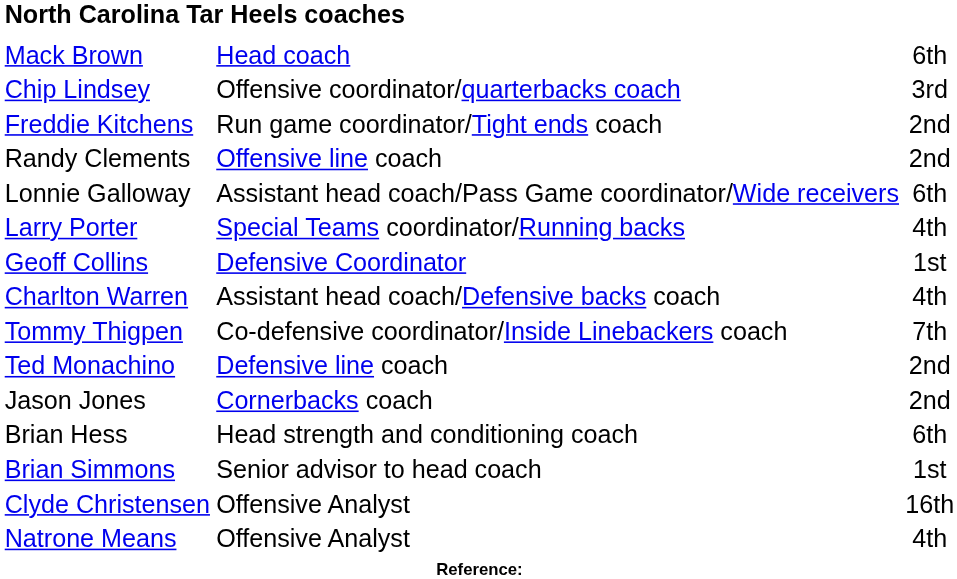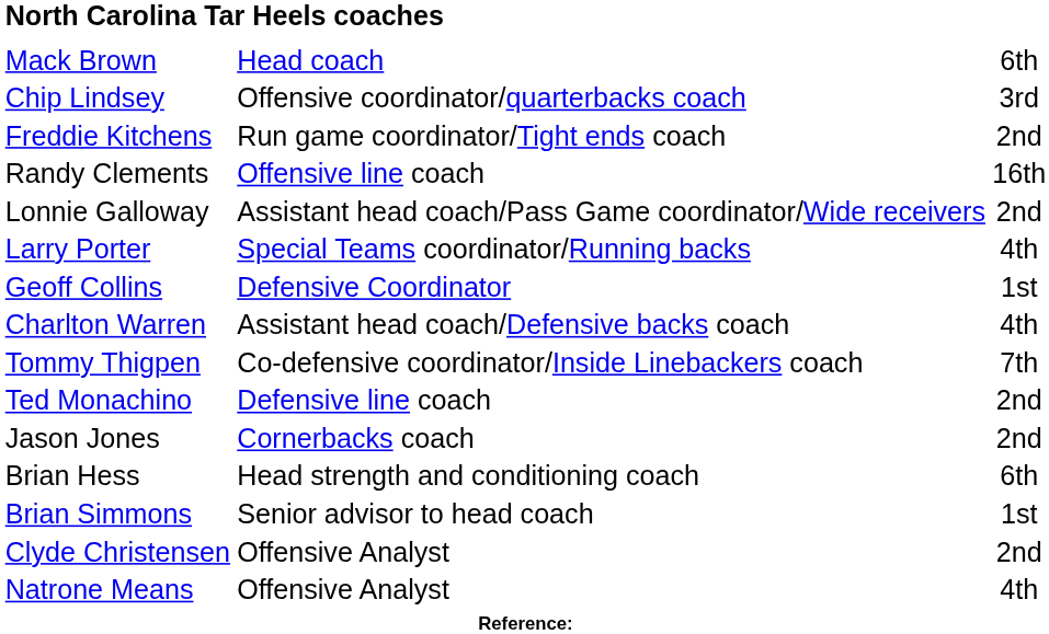 <table class="toccolours" style="text-align: left;">
 <tr>
 <td colspan="9"><strong>North Carolina Tar Heels coaches</strong></td>
 </tr>
 <tr>
 <td style="font-size: 95%;" valign="top"></td>
 </tr>
 <tr>
 <td><a href='#'>Mack Brown</a></td>
 <td><a href='#'>Head coach</a></td>
 <td align=center>6th</td>
 </tr>
 <tr>
 <td><a href='#'>Chip Lindsey</a></td>
 <td>Offensive coordinator/<a href='#'>quarterbacks coach</a></td>
 <td align=center>3rd</td>
 </tr>
 <tr>
 <td><a href='#'>Freddie Kitchens</a></td>
 <td>Run game coordinator/<a href='#'>Tight ends</a> coach</td>
 <td align=center>2nd</td>
 </tr>
 <tr>
 <td>Randy Clements</td>
 <td><a href='#'>Offensive line</a> coach</td>
-<td align=center>2nd</td>
+<td align=center>16th</td>
 </tr>
 <tr>
 <td>Lonnie Galloway</td>
 <td>Assistant head coach/Pass Game coordinator/<a href='#'>Wide receivers</a></td>
-<td align=center>6th</td>
+<td align=center>2nd</td>
 </tr>
 <tr>
 <td><a href='#'>Larry Porter</a></td>
 <td><a href='#'>Special Teams</a> coordinator/<a href='#'>Running backs</a></td>
 <td align=center>4th</td>
 </tr>
 <tr>
 <td><a href='#'>Geoff Collins</a></td>
 <td><a href='#'>Defensive Coordinator</a></td>
 <td align=center>1st</td>
 </tr>
 <tr>
 <td><a href='#'>Charlton Warren</a></td>
 <td>Assistant head coach/<a href='#'>Defensive backs</a> coach</td>
 <td align=center>4th</td>
 </tr>
 <tr>
 <td><a href='#'>Tommy Thigpen</a></td>
 <td>Co-defensive coordinator/<a href='#'>Inside Linebackers</a> coach</td>
 <td align=center>7th</td>
 </tr>
 <tr>
 <td><a href='#'>Ted Monachino</a></td>
 <td><a href='#'>Defensive line</a> coach</td>
 <td align=center>2nd</td>
 </tr>
 <tr>
 <td>Jason Jones</td>
 <td><a href='#'>Cornerbacks</a> coach</td>
 <td align=center>2nd</td>
 </tr>
 <tr>
 <td>Brian Hess</td>
 <td>Head strength and conditioning coach</td>
 <td align=center>6th</td>
 </tr>
 <tr>
 <td><a href='#'>Brian Simmons</a></td>
 <td>Senior advisor to head coach</td>
 <td align=center>1st</td>
 </tr>
 <tr>
 <td><a href='#'>Clyde Christensen</a></td>
 <td>Offensive Analyst</td>
-<td align=center>16th</td>
+<td align=center>2nd</td>
 </tr>
 <tr>
 <td><a href='#'>Natrone Means</a></td>
 <td>Offensive Analyst</td>
 <td align=center>4th</td>
 </tr>
 <tr>
 <td colspan="4"  style="font-size:8pt; text-align:center;"><strong>Reference:</strong></td>
 </tr>
 </table>
